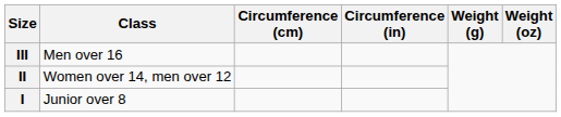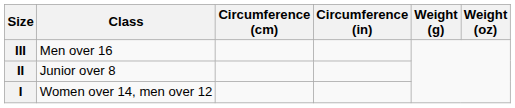 <table class="wikitable">
 <tr>
 <th scope="column">Size</th>
 <th scope="column">Class</th>
 <th scope="column">Circumference <br> (cm)</th>
 <th scope="column">Circumference <br> (in)</th>
 <th scope="column">Weight <br> (g)</th>
 <th scope="column">Weight <br> (oz)</th>
 </tr>
 <tr>
 <th scope="row" style="text-align:center;">III</th>
 <td>Men over 16</td>
 <td></td>
 <td></td>
 </tr>
 <tr>
 <th scope="row" style="text-align:center;">II</th>
-<td>Women over 14, men over 12</td>
+<td>Junior over 8</td>
 <td></td>
 <td></td>
 </tr>
 <tr>
 <th scope="row" style="text-align:center;">I</th>
-<td>Junior over 8</td>
+<td>Women over 14, men over 12</td>
 <td></td>
 <td></td>
 </tr>
 </table>
